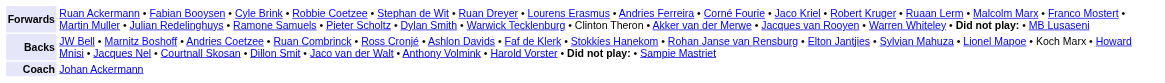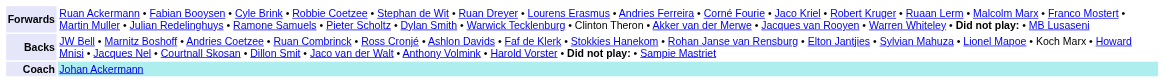 <table cellpadding="2" style="border: 1px solid white; font-size:90%;">
 <tr>
 <td style="text-align:right;" bgcolor="lavender"><strong>Forwards</strong></td>
 <td style="text-align:left;"><a href='#'>Ruan Ackermann</a> • <a href='#'>Fabian Booysen</a> • <a href='#'>Cyle Brink</a> • <a href='#'>Robbie Coetzee</a> • <a href='#'>Stephan de Wit</a> • <a href='#'>Ruan Dreyer</a> • <a href='#'>Lourens Erasmus</a> • <a href='#'>Andries Ferreira</a> • <a href='#'>Corné Fourie</a> • <a href='#'>Jaco Kriel</a> • <a href='#'>Robert Kruger</a> • <a href='#'>Ruaan Lerm</a> • <a href='#'>Malcolm Marx</a> • <a href='#'>Franco Mostert</a> • <a href='#'>Martin Muller</a> • <a href='#'>Julian Redelinghuys</a> • <a href='#'>Ramone Samuels</a> • <a href='#'>Pieter Scholtz</a> • <a href='#'>Dylan Smith</a> • <a href='#'>Warwick Tecklenburg</a> • Clinton Theron • <a href='#'>Akker van der Merwe</a> • <a href='#'>Jacques van Rooyen</a> • <a href='#'>Warren Whiteley</a> • <strong>Did not play:</strong> • <a href='#'>MB Lusaseni</a></td>
 </tr>
 <tr>
 <td style="text-align:right;" bgcolor="lavender"><strong>Backs</strong></td>
 <td style="text-align:left;"><a href='#'>JW Bell</a> • <a href='#'>Marnitz Boshoff</a> • <a href='#'>Andries Coetzee</a> • <a href='#'>Ruan Combrinck</a> • <a href='#'>Ross Cronjé</a> • <a href='#'>Ashlon Davids</a> • <a href='#'>Faf de Klerk</a> • <a href='#'>Stokkies Hanekom</a> • <a href='#'>Rohan Janse van Rensburg</a> • <a href='#'>Elton Jantjies</a> • <a href='#'>Sylvian Mahuza</a> • <a href='#'>Lionel Mapoe</a> • Koch Marx • <a href='#'>Howard Mnisi</a> • <a href='#'>Jacques Nel</a> • <a href='#'>Courtnall Skosan</a> • <a href='#'>Dillon Smit</a> • <a href='#'>Jaco van der Walt</a> • <a href='#'>Anthony Volmink</a> • <a href='#'>Harold Vorster</a> • <strong>Did not play:</strong> • <a href='#'>Sampie Mastriet</a></td>
 </tr>
 <tr>
 <td style="text-align:right;" bgcolor="lavender"><strong>Coach</strong></td>
-<td style="text-align:left;"><a href='#'>Johan Ackermann</a></td>
+<td style="background: paleturquoise; text-align:left;"><a href='#'>Johan Ackermann</a></td>
 </tr>
 </table>
